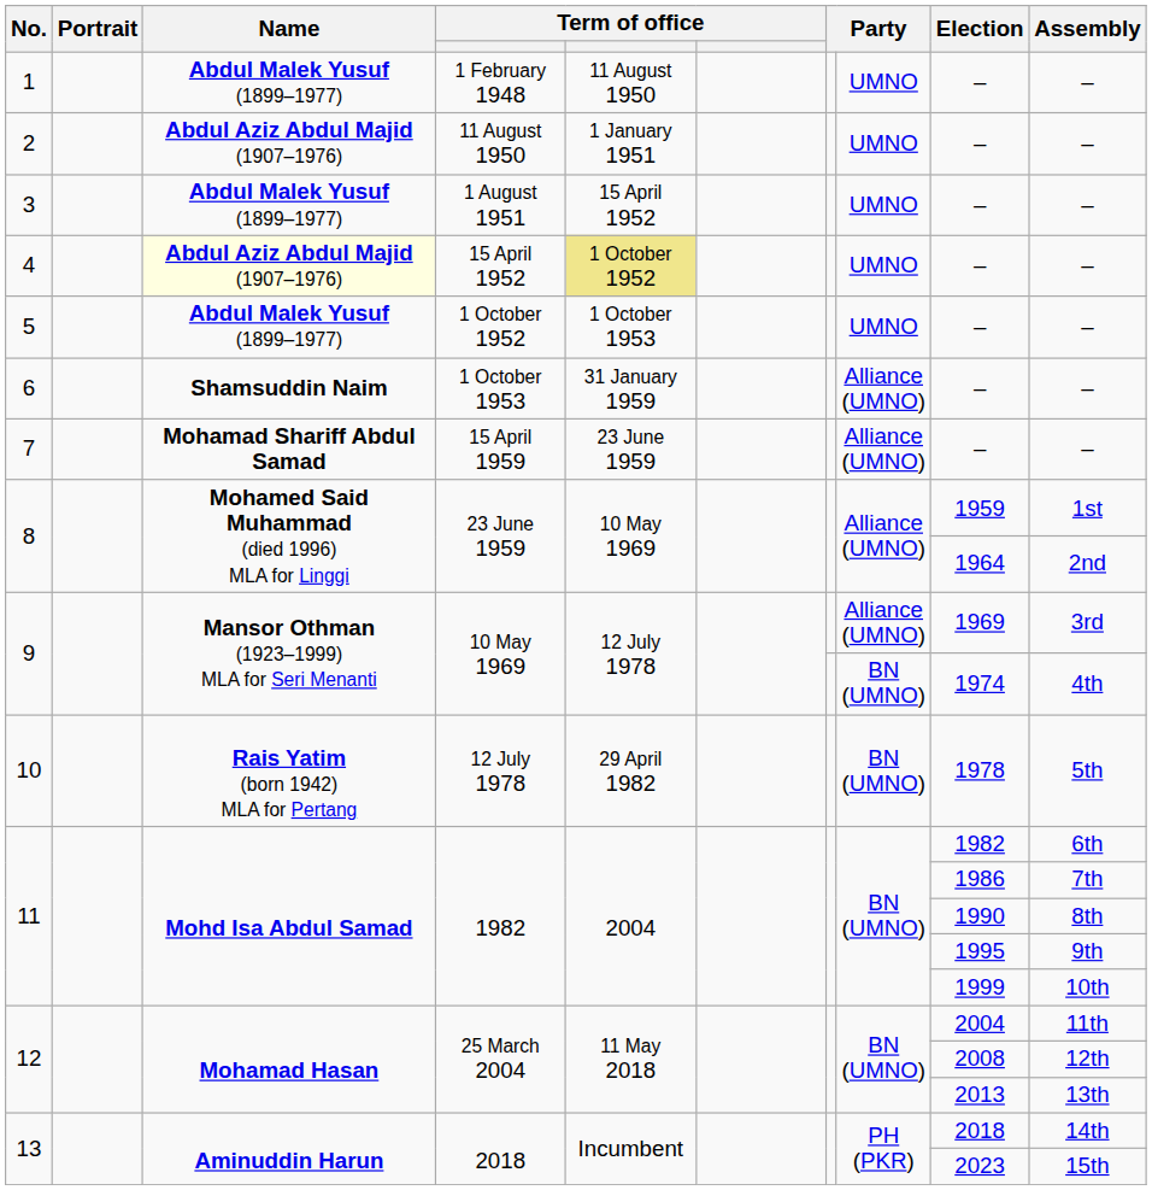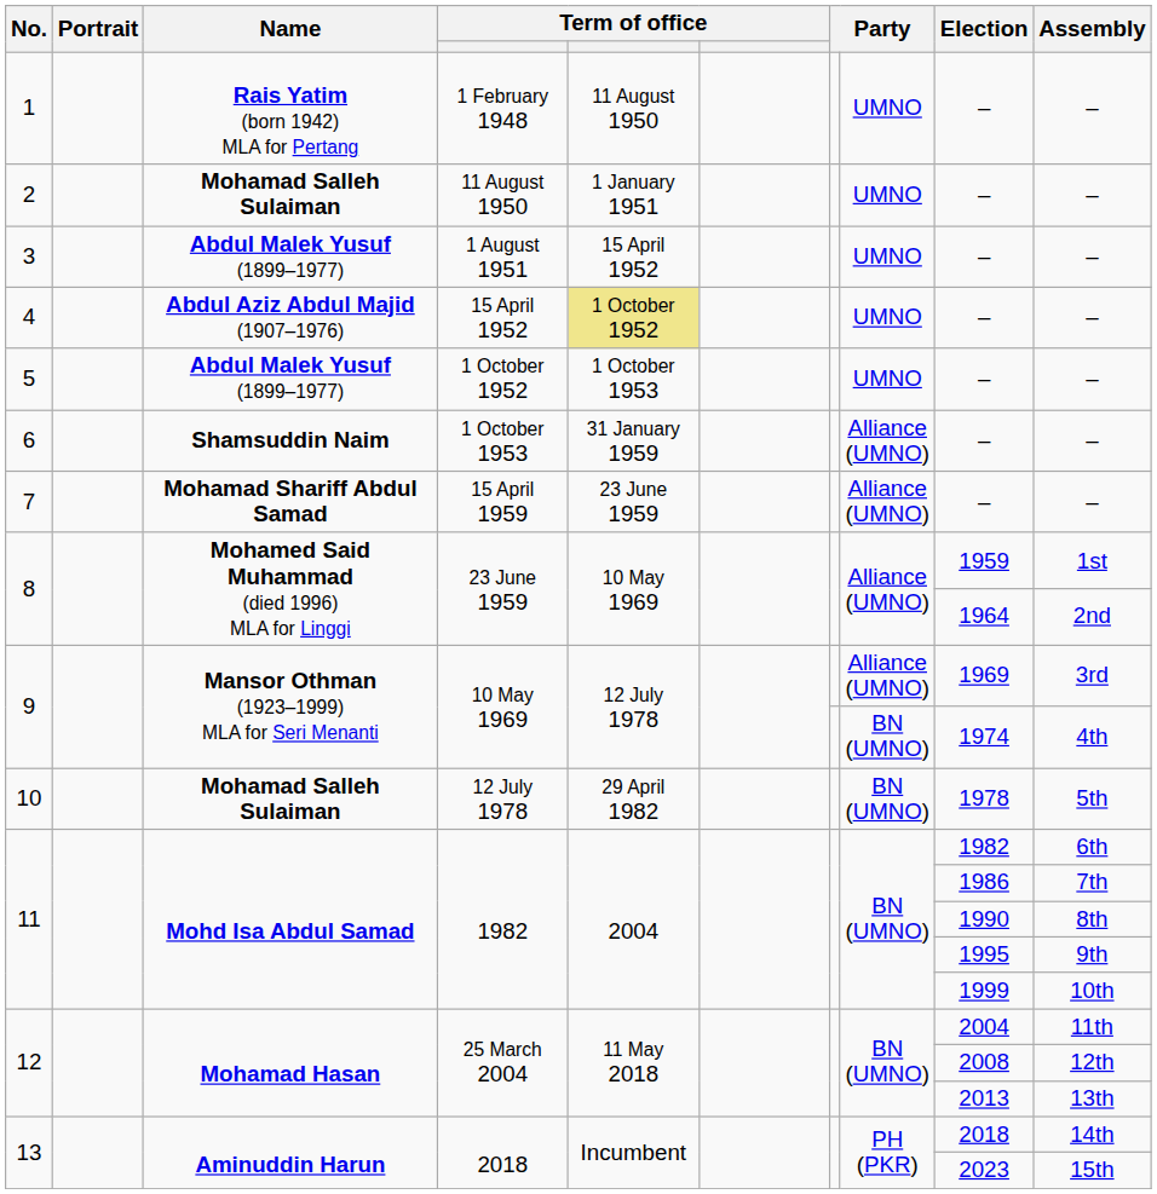 <table class="wikitable" style="text-align:center; border:1px #aaf solid;">
 <tr>
 <th rowspan="2">No.</th>
 <th rowspan="2">Portrait</th>
 <th rowspan="2" width="200">Name<br></th>
 <th colspan=3>Term of office</th>
 <th colspan="2" rowspan="2">Party</th>
 <th rowspan="2">Election</th>
 <th rowspan="2">Assembly</th>
 </tr>
 <tr>
 <th width="85"></th>
 <th width="85"></th>
 <th width="85"></th>
 </tr>
 <tr>
 <td>1</td>
 <td></td>
-<td><strong><a href='#'>Abdul Malek Yusuf</a></strong><br><small>(1899–1977)</small></td>
+<td><br><strong><a href='#'>Rais Yatim</a></strong><br><small>(born 1942)</small><br><small>MLA for <a href='#'>Pertang</a></small></td>
 <td><small>1 February</small><br>1948</td>
 <td><small>11 August</small><br>1950</td>
 <td></td>
 <td style="background:"></td>
 <td><a href='#'>UMNO</a></td>
 <td>–</td>
 <td>–</td>
 </tr>
 <tr>
 <td>2</td>
 <td></td>
-<td><strong><a href='#'>Abdul Aziz Abdul Majid</a></strong><br><small>(1907–1976)</small></td>
+<td><strong>Mohamad Salleh Sulaiman</strong></td>
 <td><small>11 August</small><br>1950</td>
 <td><small>1 January</small><br>1951</td>
 <td></td>
 <td style="background:"></td>
 <td><a href='#'>UMNO</a></td>
 <td>–</td>
 <td>–</td>
 </tr>
 <tr>
 <td>3</td>
 <td></td>
 <td><strong><a href='#'>Abdul Malek Yusuf</a></strong><br><small>(1899–1977)</small></td>
 <td><small>1 August</small><br>1951</td>
 <td><small>15 April</small><br>1952</td>
 <td></td>
 <td style="background:"></td>
 <td><a href='#'>UMNO</a></td>
 <td>–</td>
 <td>–</td>
 </tr>
 <tr>
 <td>4</td>
 <td></td>
-<td style="background: lightyellow;"><strong><a href='#'>Abdul Aziz Abdul Majid</a></strong><br><small>(1907–1976)</small></td>
+<td><strong><a href='#'>Abdul Aziz Abdul Majid</a></strong><br><small>(1907–1976)</small></td>
 <td><small>15 April</small><br>1952</td>
 <td style="background: khaki;"><small>1 October</small><br>1952</td>
 <td></td>
 <td style="background:"></td>
 <td><a href='#'>UMNO</a></td>
 <td>–</td>
 <td>–</td>
 </tr>
 <tr>
 <td>5</td>
 <td></td>
 <td><strong><a href='#'>Abdul Malek Yusuf</a></strong><br><small>(1899–1977)</small></td>
 <td><small>1 October</small><br>1952</td>
 <td><small>1 October</small><br>1953</td>
 <td></td>
 <td style="background:"></td>
 <td><a href='#'>UMNO</a></td>
 <td>–</td>
 <td>–</td>
 </tr>
 <tr>
 <td>6</td>
 <td></td>
 <td><strong>Shamsuddin Naim</strong></td>
 <td><small>1 October</small><br>1953</td>
 <td><small>31 January</small><br>1959</td>
 <td></td>
 <td style="background:"></td>
 <td><a href='#'>Alliance</a><br>(<a href='#'>UMNO</a>)</td>
 <td>–</td>
 <td>–</td>
 </tr>
 <tr>
 <td>7</td>
 <td></td>
 <td><strong>Mohamad Shariff Abdul Samad</strong></td>
 <td><small>15 April</small><br>1959</td>
 <td><small>23 June</small><br>1959</td>
 <td></td>
 <td style="background:"></td>
 <td><a href='#'>Alliance</a><br>(<a href='#'>UMNO</a>)</td>
 <td>–</td>
 <td>–</td>
 </tr>
 <tr>
 <td rowspan="2">8</td>
 <td rowspan="2"></td>
 <td rowspan="2"><strong>Mohamed Said Muhammad</strong><br><small>(died 1996)</small><br><small>MLA for <a href='#'>Linggi</a></small></td>
 <td rowspan="2"><small>23 June</small><br>1959</td>
 <td rowspan="2"><small>10 May</small><br>1969</td>
 <td rowspan=2></td>
 <td rowspan="2" style="background:"></td>
 <td rowspan="2"><a href='#'>Alliance</a><br>(<a href='#'>UMNO</a>)</td>
 <td><a href='#'>1959</a></td>
 <td><a href='#'>1st</a></td>
 </tr>
 <tr>
 <td><a href='#'>1964</a></td>
 <td><a href='#'>2nd</a></td>
 </tr>
 <tr>
 <td rowspan="2">9</td>
 <td rowspan="2"></td>
 <td rowspan="2"><strong>Mansor Othman</strong><br><small>(1923–1999)</small><br><small>MLA for <a href='#'>Seri Menanti</a></small></td>
 <td rowspan="2"><small>10 May</small><br>1969</td>
 <td rowspan="2"><small>12 July</small><br>1978</td>
 <td rowspan=2></td>
 <td style="background:"></td>
 <td><a href='#'>Alliance</a><br>(<a href='#'>UMNO</a>)</td>
 <td><a href='#'>1969</a></td>
 <td><a href='#'>3rd</a></td>
 </tr>
 <tr>
 <td style="background:"></td>
 <td><a href='#'>BN</a><br>(<a href='#'>UMNO</a>)</td>
 <td><a href='#'>1974</a></td>
 <td><a href='#'>4th</a></td>
 </tr>
 <tr>
 <td>10</td>
 <td></td>
-<td><br><strong><a href='#'>Rais Yatim</a></strong><br><small>(born 1942)</small><br><small>MLA for <a href='#'>Pertang</a></small></td>
+<td><strong>Mohamad Salleh Sulaiman</strong></td>
 <td><small>12 July</small><br>1978</td>
 <td><small>29 April</small><br>1982</td>
 <td></td>
 <td style="background:"></td>
 <td><a href='#'>BN</a><br>(<a href='#'>UMNO</a>)</td>
 <td><a href='#'>1978</a></td>
 <td><a href='#'>5th</a></td>
 </tr>
 <tr>
 <td rowspan="5">11</td>
 <td rowspan="5"></td>
 <td rowspan="5"><br><strong><a href='#'>Mohd Isa Abdul Samad</a></strong><br></td>
 <td rowspan="5"><br>1982</td>
 <td rowspan="5"><br>2004</td>
 <td rowspan=5></td>
 <td rowspan="5" style="background:"></td>
 <td rowspan="5"><a href='#'>BN</a><br>(<a href='#'>UMNO</a>)</td>
 <td><a href='#'>1982</a></td>
 <td><a href='#'>6th</a></td>
 </tr>
 <tr>
 <td><a href='#'>1986</a></td>
 <td><a href='#'>7th</a></td>
 </tr>
 <tr>
 <td><a href='#'>1990</a></td>
 <td><a href='#'>8th</a></td>
 </tr>
 <tr>
 <td><a href='#'>1995</a></td>
 <td><a href='#'>9th</a></td>
 </tr>
 <tr>
 <td><a href='#'>1999</a></td>
 <td><a href='#'>10th</a></td>
 </tr>
 <tr>
 <td rowspan="3">12</td>
 <td rowspan="3"></td>
 <td rowspan="3"><br><strong><a href='#'>Mohamad Hasan</a></strong><br></td>
 <td rowspan="3"><small>25 March</small><br>2004</td>
 <td rowspan="3"><small>11 May</small><br>2018</td>
 <td rowspan=3></td>
 <td rowspan="3" style="background:"></td>
 <td rowspan="3"><a href='#'>BN</a><br>(<a href='#'>UMNO</a>)</td>
 <td><a href='#'>2004</a></td>
 <td><a href='#'>11th</a></td>
 </tr>
 <tr>
 <td><a href='#'>2008</a></td>
 <td><a href='#'>12th</a></td>
 </tr>
 <tr>
 <td><a href='#'>2013</a></td>
 <td><a href='#'>13th</a></td>
 </tr>
 <tr>
 <td rowspan="2">13</td>
 <td rowspan="2"></td>
 <td rowspan="2"><br><strong><a href='#'>Aminuddin Harun</a></strong><br></td>
 <td rowspan="2"><br>2018</td>
 <td rowspan="2">Incumbent</td>
 <td rowspan=2></td>
 <td rowspan="2" style="background:"></td>
 <td rowspan="2"><a href='#'>PH</a><br>(<a href='#'>PKR</a>)</td>
 <td><a href='#'>2018</a></td>
 <td><a href='#'>14th</a></td>
 </tr>
 <tr>
 <td><a href='#'>2023</a></td>
 <td><a href='#'>15th</a></td>
 </tr>
 </table>
